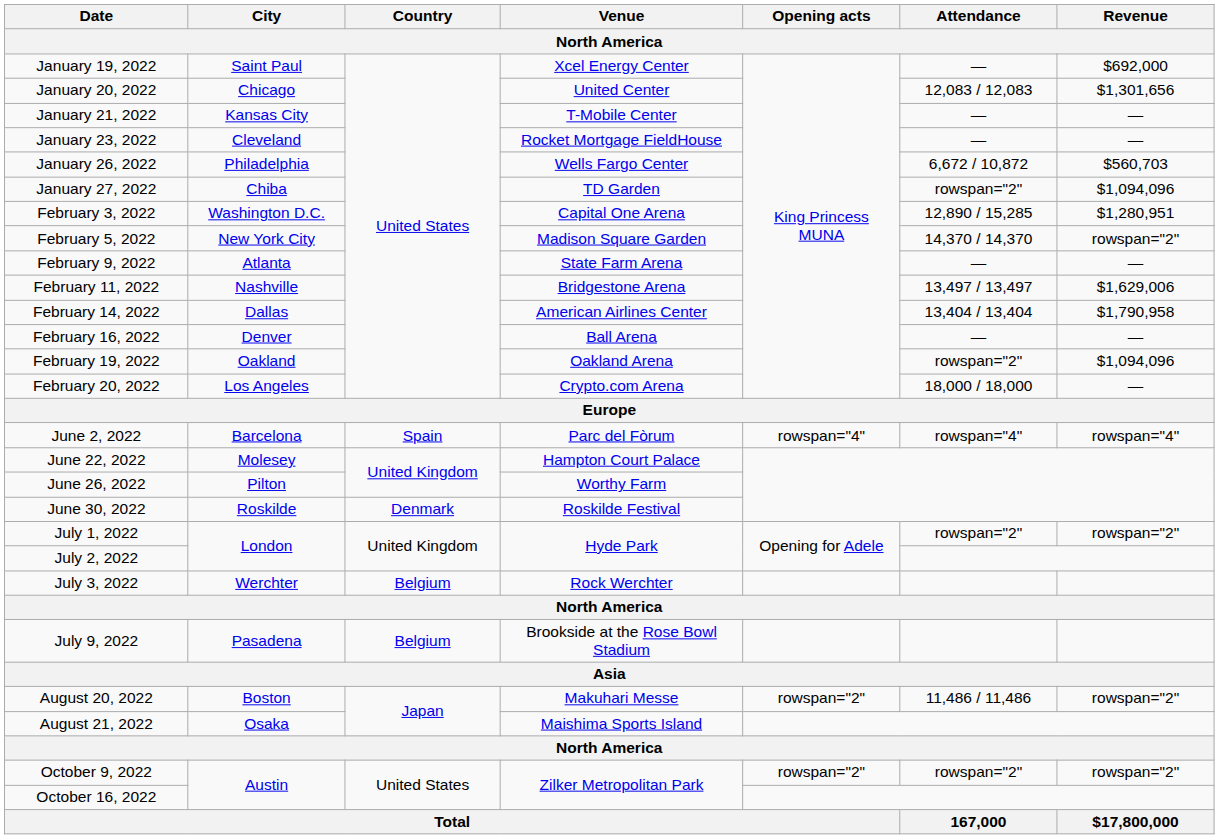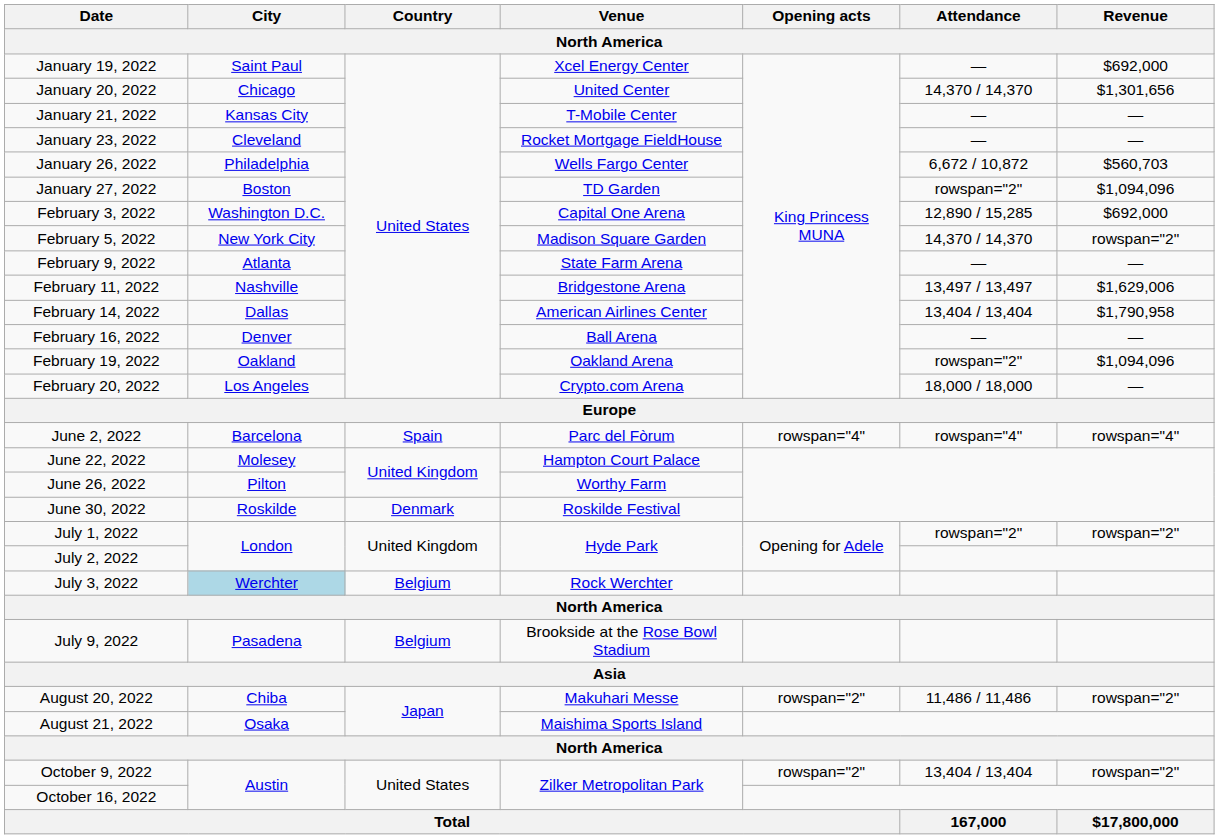 <table class="wikitable plainrowheaders" style="text-align:center;">
 <tr>
 <th scope="col" style="width:12em;">Date</th>
 <th scope="col" style="width:10em;">City</th>
 <th scope="col" style="width:10em;">Country</th>
 <th scope="col" style="width:16em;">Venue</th>
 <th scope="col" style="width:10em;">Opening acts</th>
 <th scope="col" style="width:10em;">Attendance</th>
 <th scope="col" style="width:10em;">Revenue</th>
 </tr>
 <tr>
 <th colspan="7">North America</th>
 </tr>
 <tr>
 <td>January 19, 2022</td>
 <td><a href='#'>Saint Paul</a></td>
 <td rowspan="14"><a href='#'>United States</a></td>
 <td><a href='#'>Xcel Energy Center</a></td>
 <td rowspan="14"><a href='#'>King Princess</a><br><a href='#'>MUNA</a></td>
 <td>—</td>
 <td>$692,000</td>
 </tr>
 <tr>
 <td>January 20, 2022</td>
 <td><a href='#'>Chicago</a></td>
 <td><a href='#'>United Center</a></td>
-<td>12,083 / 12,083</td>
+<td>14,370 / 14,370</td>
 <td>$1,301,656</td>
 </tr>
 <tr>
 <td>January 21, 2022</td>
 <td><a href='#'>Kansas City</a></td>
 <td><a href='#'>T-Mobile Center</a></td>
 <td>—</td>
 <td>—</td>
 </tr>
 <tr>
 <td>January 23, 2022</td>
 <td><a href='#'>Cleveland</a></td>
 <td><a href='#'>Rocket Mortgage FieldHouse</a></td>
 <td>—</td>
 <td>—</td>
 </tr>
 <tr>
 <td>January 26, 2022</td>
 <td><a href='#'>Philadelphia</a></td>
 <td><a href='#'>Wells Fargo Center</a></td>
 <td>6,672 / 10,872</td>
 <td>$560,703</td>
 </tr>
 <tr>
 <td>January 27, 2022</td>
-<td><a href='#'>Chiba</a></td>
+<td><a href='#'>Boston</a></td>
 <td><a href='#'>TD Garden</a></td>
 <td>rowspan="2"</td>
 <td>$1,094,096</td>
 </tr>
 <tr>
 <td>February 3, 2022</td>
 <td><a href='#'>Washington D.C.</a></td>
 <td><a href='#'>Capital One Arena</a></td>
 <td>12,890 / 15,285</td>
-<td>$1,280,951</td>
+<td>$692,000</td>
 </tr>
 <tr>
 <td>February 5, 2022</td>
 <td><a href='#'>New York City</a></td>
 <td><a href='#'>Madison Square Garden</a></td>
 <td>14,370 / 14,370</td>
 <td>rowspan="2" </td>
 </tr>
 <tr>
 <td>February 9, 2022</td>
 <td><a href='#'>Atlanta</a></td>
 <td><a href='#'>State Farm Arena</a></td>
 <td>—</td>
 <td>—</td>
 </tr>
 <tr>
 <td>February 11, 2022</td>
 <td><a href='#'>Nashville</a></td>
 <td><a href='#'>Bridgestone Arena</a></td>
 <td>13,497 / 13,497</td>
 <td>$1,629,006</td>
 </tr>
 <tr>
 <td>February 14, 2022</td>
 <td><a href='#'>Dallas</a></td>
 <td><a href='#'>American Airlines Center</a></td>
 <td>13,404 / 13,404</td>
 <td>$1,790,958</td>
 </tr>
 <tr>
 <td>February 16, 2022</td>
 <td><a href='#'>Denver</a></td>
 <td><a href='#'>Ball Arena</a></td>
 <td>—</td>
 <td>—</td>
 </tr>
 <tr>
 <td>February 19, 2022</td>
 <td><a href='#'>Oakland</a></td>
 <td><a href='#'>Oakland Arena</a></td>
 <td>rowspan="2" </td>
 <td>$1,094,096</td>
 </tr>
 <tr>
 <td>February 20, 2022</td>
 <td><a href='#'>Los Angeles</a></td>
 <td><a href='#'>Crypto.com Arena</a></td>
 <td>18,000 / 18,000</td>
 <td>—</td>
 </tr>
 <tr>
 <th colspan="7">Europe</th>
 </tr>
 <tr>
 <td>June 2, 2022</td>
 <td><a href='#'>Barcelona</a></td>
 <td><a href='#'>Spain</a></td>
 <td><a href='#'>Parc del Fòrum</a></td>
 <td>rowspan="4"</td>
 <td>rowspan="4"</td>
 <td>rowspan="4"</td>
 </tr>
 <tr>
 <td>June 22, 2022</td>
 <td><a href='#'>Molesey</a></td>
 <td rowspan="2"><a href='#'>United Kingdom</a></td>
 <td><a href='#'>Hampton Court Palace</a></td>
 </tr>
 <tr>
 <td>June 26, 2022</td>
 <td><a href='#'>Pilton</a></td>
 <td><a href='#'>Worthy Farm</a></td>
 </tr>
 <tr>
 <td>June 30, 2022</td>
 <td><a href='#'>Roskilde</a></td>
 <td><a href='#'>Denmark</a></td>
 <td><a href='#'>Roskilde Festival</a></td>
 </tr>
 <tr>
 <td>July 1, 2022</td>
 <td rowspan="2"><a href='#'>London</a></td>
 <td rowspan="2">United Kingdom</td>
 <td rowspan="2"><a href='#'>Hyde Park</a></td>
 <td rowspan="2">Opening for <a href='#'>Adele</a></td>
 <td>rowspan="2" </td>
 <td>rowspan="2" </td>
 </tr>
 <tr>
 <td>July 2, 2022</td>
 </tr>
 <tr>
 <td>July 3, 2022</td>
-<td><a href='#'>Werchter</a></td>
+<td style="background: lightblue;"><a href='#'>Werchter</a></td>
 <td><a href='#'>Belgium</a></td>
 <td><a href='#'>Rock Werchter</a></td>
 <td></td>
 <td></td>
 <td></td>
 </tr>
 <tr>
 <th colspan="7">North America</th>
 </tr>
 <tr>
 <td>July 9, 2022</td>
 <td><a href='#'>Pasadena</a></td>
 <td><a href='#'>Belgium</a></td>
 <td>Brookside at the <a href='#'>Rose Bowl Stadium</a></td>
 <td></td>
 <td></td>
 <td></td>
 </tr>
 <tr>
 <th colspan="7">Asia</th>
 </tr>
 <tr>
 <td>August 20, 2022</td>
-<td><a href='#'>Boston</a></td>
+<td><a href='#'>Chiba</a></td>
 <td rowspan="2"><a href='#'>Japan</a></td>
 <td><a href='#'>Makuhari Messe</a></td>
 <td>rowspan="2"</td>
 <td>11,486 / 11,486</td>
 <td>rowspan="2"</td>
 </tr>
 <tr>
 <td>August 21, 2022</td>
 <td><a href='#'>Osaka</a></td>
 <td><a href='#'>Maishima Sports Island</a></td>
 </tr>
 <tr>
 <th colspan="7">North America</th>
 </tr>
 <tr>
 <td>October 9, 2022</td>
 <td rowspan="2"><a href='#'>Austin</a></td>
 <td rowspan="2">United States</td>
 <td rowspan="2"><a href='#'>Zilker Metropolitan Park</a></td>
 <td>rowspan="2"</td>
-<td>rowspan="2"</td>
+<td>13,404 / 13,404</td>
 <td>rowspan="2"</td>
 </tr>
 <tr>
 <td>October 16, 2022</td>
 </tr>
 <tr>
 <th colspan="5">Total</th>
 <th>167,000</th>
 <th>$17,800,000</th>
 </tr>
 </table>
